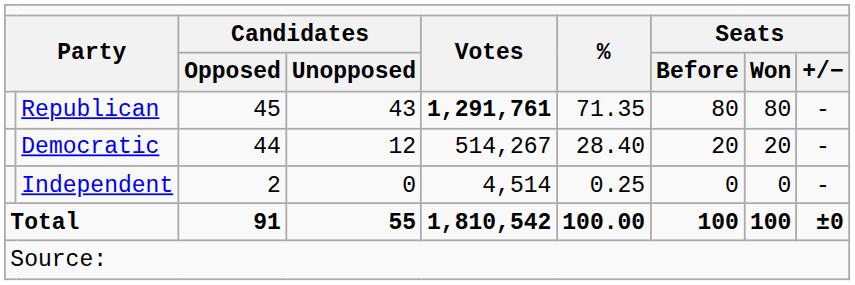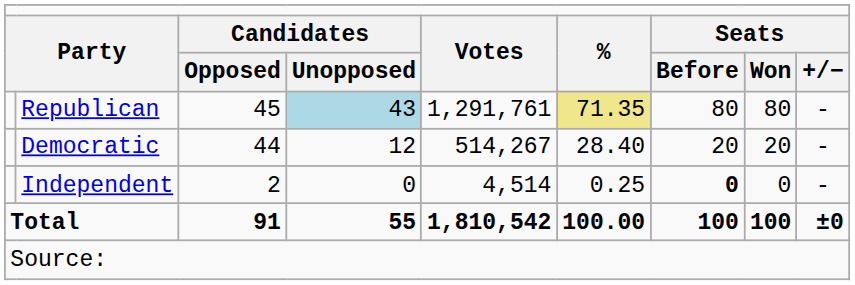 <table class="wikitable">
 <tr>
 <td colspan="9" style="text-align:center;"></td>
 </tr>
 <tr>
 <th colspan="2" rowspan="2">Party</th>
 <th colspan="2">Candidates</th>
 <th rowspan="2">Votes</th>
 <th rowspan="2">%</th>
 <th colspan="3">Seats</th>
 </tr>
 <tr>
 <th>Opposed</th>
 <th>Unopposed</th>
 <th>Before</th>
 <th>Won</th>
 <th>+/−</th>
 </tr>
 <tr>
 <td style="background-color:"></td>
 <td><a href='#'>Republican</a></td>
 <td style="text-align:right;">45</td>
-<td style="text-align:right;">43</td>
-<td style="text-align:right;"><strong>1,291,761</strong></td>
-<td style="text-align:right;">71.35</td>
+<td style="background: lightblue; text-align:right;">43</td>
+<td style="text-align:right;">1,291,761</td>
+<td style="background: khaki; text-align:right;">71.35</td>
 <td style="text-align:right;">80</td>
 <td style="text-align:right;">80</td>
 <td style="text-align:center;">-</td>
 </tr>
 <tr>
 <td style="background-color:"></td>
 <td><a href='#'>Democratic</a></td>
 <td style="text-align:right;">44</td>
 <td style="text-align:right;">12</td>
 <td style="text-align:right;">514,267</td>
 <td style="text-align:right;">28.40</td>
 <td style="text-align:right;">20</td>
 <td style="text-align:right;">20</td>
 <td style="text-align:center;">-</td>
 </tr>
 <tr>
 <td style="background-color:"></td>
 <td><a href='#'>Independent</a></td>
 <td style="text-align:right;">2</td>
 <td style="text-align:right;">0</td>
 <td style="text-align:right;">4,514</td>
 <td style="text-align:right;">0.25</td>
-<td style="text-align:right;">0</td>
+<td style="text-align:right;"><strong>0</strong></td>
 <td style="text-align:right;">0</td>
 <td style="text-align:center;">-</td>
 </tr>
 <tr>
 <td colspan="2"><strong>Total</strong></td>
 <td style="text-align:right;"><strong>91</strong></td>
 <td style="text-align:right;"><strong>55</strong></td>
 <td style="text-align:right;"><strong>1,810,542</strong></td>
 <td style="text-align:right;"><strong>100.00</strong></td>
 <td style="text-align:right;"><strong>100</strong></td>
 <td style="text-align:right;"><strong>100</strong></td>
 <td style="text-align:right;"><strong>±0</strong></td>
 </tr>
 <tr>
 <td colspan="9">Source: <em></em></td>
 </tr>
 </table>
